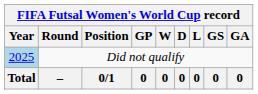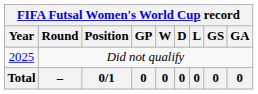 <table class="wikitable" style="text-align: center;font-size:90%;">
 <tr>
 <th colspan=9><a href='#'>FIFA Futsal Women's World Cup</a> record</th>
 </tr>
 <tr>
 <th>Year</th>
 <th>Round</th>
 <th>Position</th>
 <th>GP</th>
 <th>W</th>
 <th>D</th>
 <th>L</th>
 <th>GS</th>
 <th>GA</th>
 </tr>
 <tr>
-<td style="background: lightblue;"> <a href='#'>2025</a></td>
+<td> <a href='#'>2025</a></td>
 <td colspan=8><em>Did not qualify</em></td>
 </tr>
 <tr>
 <th><strong>Total</strong></th>
 <th>–</th>
 <th><strong>0/1</strong></th>
 <th><strong>0</strong></th>
 <th><strong>0</strong></th>
 <th><strong>0</strong></th>
 <th><strong>0</strong></th>
 <th><strong>0</strong></th>
 <th><strong>0</strong></th>
 </tr>
 </table>
